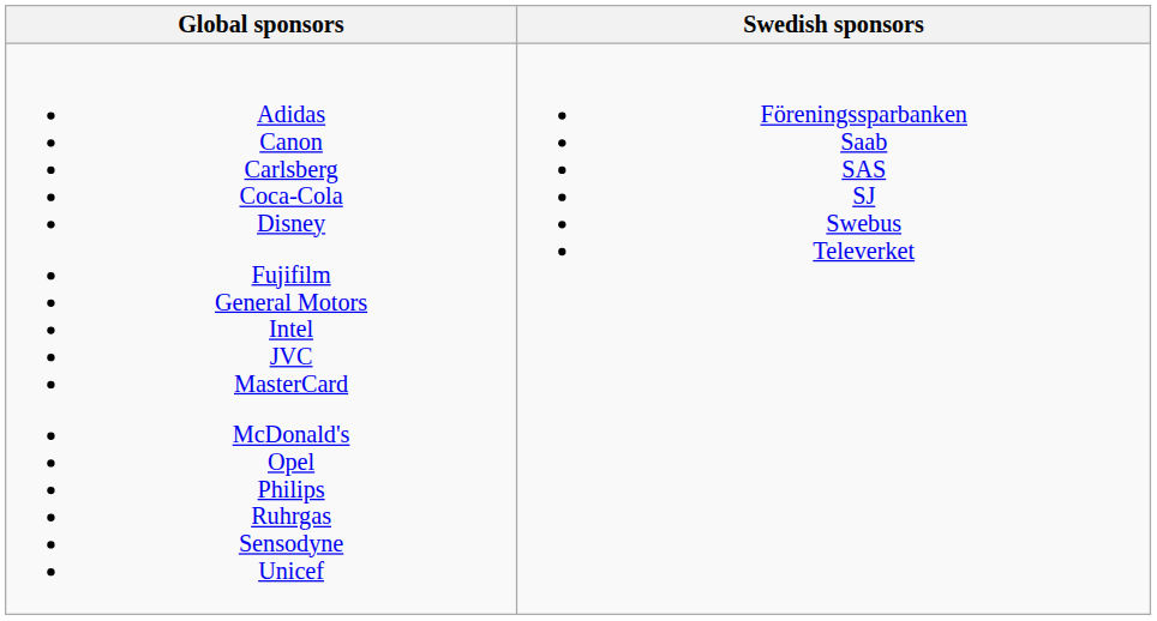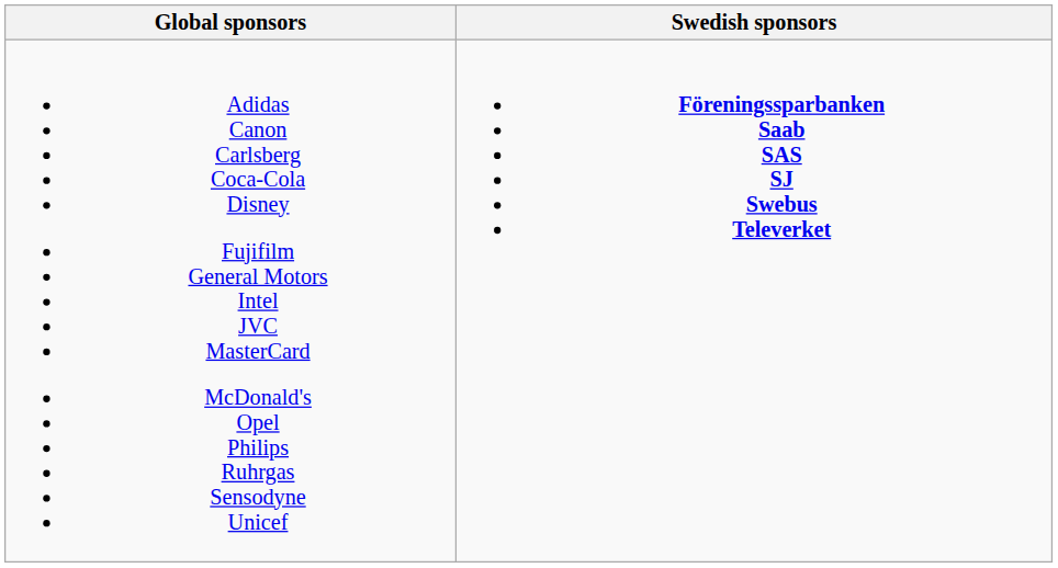 <table class="wikitable" style="text-align:center" width=60%>
 <tr>
 <th>Global sponsors</th>
 <th>Swedish sponsors</th>
 </tr>
 <tr>
 <td><br> <ul><li><a href='#'>Adidas</a></li><li><a href='#'>Canon</a></li><li><a href='#'>Carlsberg</a></li><li><a href='#'>Coca-Cola</a></li><li><a href='#'>Disney</a></li></ul><ul><li><a href='#'>Fujifilm</a></li><li><a href='#'>General Motors</a></li><li><a href='#'>Intel</a></li><li><a href='#'>JVC</a></li><li><a href='#'>MasterCard</a></li></ul><ul><li><a href='#'>McDonald's</a></li><li><a href='#'>Opel</a></li><li><a href='#'>Philips</a></li><li><a href='#'>Ruhrgas</a></li><li><a href='#'>Sensodyne</a></li><li><a href='#'>Unicef</a></li></ul></td>
-<td valign=top><br><ul><li><a href='#'>Föreningssparbanken</a></li><li><a href='#'>Saab</a></li><li><a href='#'>SAS</a></li><li><a href='#'>SJ</a></li><li><a href='#'>Swebus</a></li><li><a href='#'>Televerket</a></li></ul></td>
+<td valign=top><strong><br><ul><li><a href='#'>Föreningssparbanken</a></li><li><a href='#'>Saab</a></li><li><a href='#'>SAS</a></li><li><a href='#'>SJ</a></li><li><a href='#'>Swebus</a></li><li><a href='#'>Televerket</a></li></ul></strong></td>
 </tr>
 </table>
